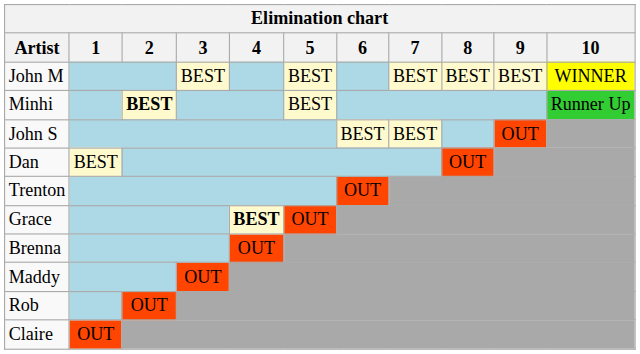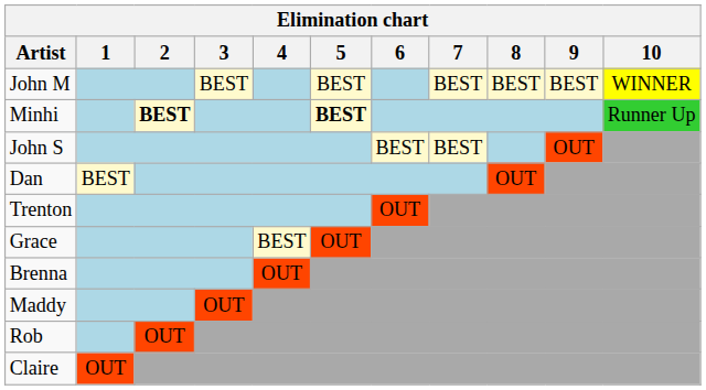 <table class="wikitable" style="text-align:center">
 <tr>
 <th colspan="16">Elimination chart</th>
 </tr>
 <tr>
 <th align="left">Artist</th>
 <th>1</th>
 <th>2</th>
 <th>3</th>
 <th>4</th>
 <th>5</th>
 <th>6</th>
 <th>7</th>
 <th>8</th>
 <th>9</th>
 <th>10</th>
 </tr>
 <tr>
 <td align="left">John M</td>
 <td colspan="2" style="background:Lightblue;"></td>
 <td style="background:LemonChiffon;">BEST</td>
 <td style="background:Lightblue;"></td>
 <td style="background:LemonChiffon;">BEST</td>
 <td colspan="1" style="background:LightBlue;"></td>
 <td style="background:LemonChiffon;">BEST</td>
 <td style="background:LemonChiffon; ">BEST</td>
 <td style="background:LemonChiffon; ">BEST</td>
 <td style="background:Yellow;">WINNER</td>
 </tr>
 <tr>
 <td align="left">Minhi</td>
 <td style="background:Lightblue;"></td>
 <td style="background:LemonChiffon;"><strong>BEST</strong></td>
 <td colspan="2" style="background:Lightblue;"></td>
-<td style="background:LemonChiffon; ">BEST</td>
+<td style="background:LemonChiffon; "><strong>BEST</strong></td>
 <td colspan="4" style="background:LightBlue;"></td>
 <td style="background:LimeGreen;">Runner Up</td>
 </tr>
 <tr>
 <td align="left">John S</td>
 <td colspan="5" style="background:Lightblue;"></td>
 <td style="background:LemonChiffon;">BEST</td>
 <td style="background:LemonChiffon;">BEST</td>
 <td colspan="1" style="background:Lightblue;"></td>
 <td style="background:orangered;">OUT</td>
 <td style="background:darkgrey;"></td>
 </tr>
 <tr>
 <td align="left">Dan</td>
 <td style="background:LemonChiffon;">BEST</td>
 <td colspan="6" style="background:Lightblue;"></td>
 <td style="background:orangered;">OUT</td>
 <td colspan="3" style="background:darkgrey;"></td>
 </tr>
 <tr>
 <td align="left">Trenton</td>
 <td colspan="5" style="background:Lightblue;"></td>
 <td style="background:orangered;">OUT</td>
 <td colspan="4" style="background:darkgrey;"></td>
 </tr>
 <tr>
 <td align="left">Grace</td>
 <td colspan="3" style="background:Lightblue;"></td>
-<td style="background:LemonChiffon;"><strong>BEST</strong></td>
+<td style="background:LemonChiffon;">BEST</td>
 <td style="background:orangered;">OUT</td>
 <td colspan="5" style="background:darkgrey;"></td>
 </tr>
 <tr>
 <td align="left">Brenna</td>
 <td colspan="3" style="background:Lightblue;"></td>
 <td style="background:orangered;">OUT</td>
 <td colspan="6" style="background:darkgrey;"></td>
 </tr>
 <tr>
 <td align="left">Maddy</td>
 <td colspan="2" style="background:Lightblue;"></td>
 <td style="background:orangered;">OUT</td>
 <td colspan="7" style="background:darkgrey;"></td>
 </tr>
 <tr>
 <td align="left">Rob</td>
 <td style="background:Lightblue;"></td>
 <td style="background:orangered;">OUT</td>
 <td colspan="8" style="background:darkgrey;"></td>
 </tr>
 <tr>
 <td align="left">Claire</td>
 <td style="background:orangered;">OUT</td>
 <td colspan="9" style="background:darkgrey;"></td>
 </tr>
 </table>
